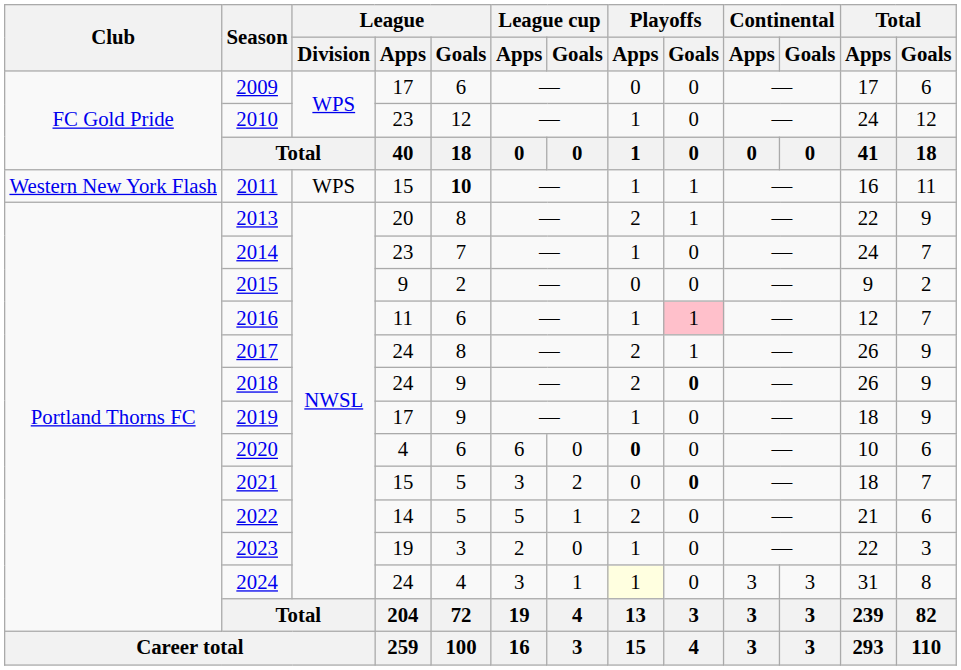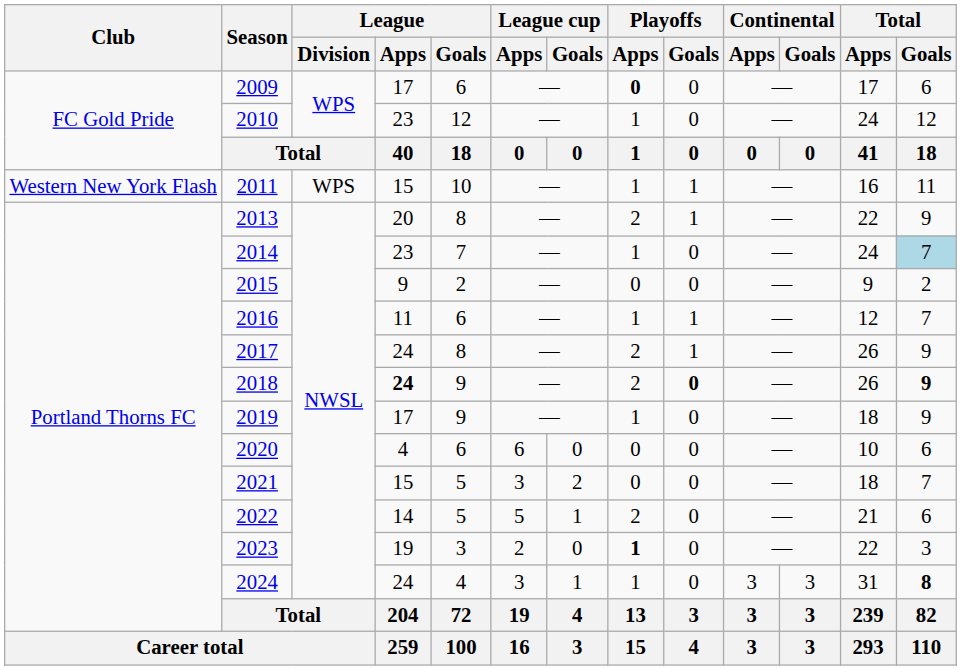 <table class="wikitable" style="text-align:center">
 <tr>
 <th rowspan="2">Club</th>
 <th rowspan="2">Season</th>
 <th colspan="3">League</th>
 <th colspan="2">League cup</th>
 <th colspan="2">Playoffs</th>
 <th colspan="2">Continental</th>
 <th colspan="2">Total</th>
 </tr>
 <tr>
 <th>Division</th>
 <th>Apps</th>
 <th>Goals</th>
 <th>Apps</th>
 <th>Goals</th>
 <th>Apps</th>
 <th>Goals</th>
 <th>Apps</th>
 <th>Goals</th>
 <th>Apps</th>
 <th>Goals</th>
 </tr>
 <tr>
 <td rowspan="3"><a href='#'>FC Gold Pride</a></td>
 <td><a href='#'>2009</a></td>
 <td rowspan="2"><a href='#'>WPS</a></td>
 <td>17</td>
 <td>6</td>
 <td colspan="2">—</td>
-<td>0</td>
+<td><strong>0</strong></td>
 <td>0</td>
 <td colspan="2">—</td>
 <td>17</td>
 <td>6</td>
 </tr>
 <tr>
 <td><a href='#'>2010</a></td>
 <td>23</td>
 <td>12</td>
 <td colspan="2">—</td>
 <td>1</td>
 <td>0</td>
 <td colspan="2">—</td>
 <td>24</td>
 <td>12</td>
 </tr>
 <tr>
 <th colspan="2">Total</th>
 <th>40</th>
 <th>18</th>
 <th>0</th>
 <th>0</th>
 <th>1</th>
 <th>0</th>
 <th>0</th>
 <th>0</th>
 <th>41</th>
 <th>18</th>
 </tr>
 <tr>
 <td><a href='#'>Western New York Flash</a></td>
 <td><a href='#'>2011</a></td>
 <td>WPS</td>
 <td>15</td>
-<td><strong>10</strong></td>
+<td>10</td>
 <td colspan="2">—</td>
 <td>1</td>
 <td>1</td>
 <td colspan="2">—</td>
 <td>16</td>
 <td>11</td>
 </tr>
 <tr>
 <td rowspan="13"><a href='#'>Portland Thorns FC</a></td>
 <td><a href='#'>2013</a></td>
 <td rowspan="12"><a href='#'>NWSL</a></td>
 <td>20</td>
 <td>8</td>
 <td colspan="2">—</td>
 <td>2</td>
 <td>1</td>
 <td colspan="2">—</td>
 <td>22</td>
 <td>9</td>
 </tr>
 <tr>
 <td><a href='#'>2014</a></td>
 <td>23</td>
 <td>7</td>
 <td colspan="2">—</td>
 <td>1</td>
 <td>0</td>
 <td colspan="2">—</td>
 <td>24</td>
-<td>7</td>
+<td style="background: lightblue;">7</td>
 </tr>
 <tr>
 <td><a href='#'>2015</a></td>
 <td>9</td>
 <td>2</td>
 <td colspan="2">—</td>
 <td>0</td>
 <td>0</td>
 <td colspan="2">—</td>
 <td>9</td>
 <td>2</td>
 </tr>
 <tr>
 <td><a href='#'>2016</a></td>
 <td>11</td>
 <td>6</td>
 <td colspan="2">—</td>
 <td>1</td>
-<td style="background: pink;">1</td>
+<td>1</td>
 <td colspan="2">—</td>
 <td>12</td>
 <td>7</td>
 </tr>
 <tr>
 <td><a href='#'>2017</a></td>
 <td>24</td>
 <td>8</td>
 <td colspan="2">—</td>
 <td>2</td>
 <td>1</td>
 <td colspan="2">—</td>
 <td>26</td>
 <td>9</td>
 </tr>
 <tr>
 <td><a href='#'>2018</a></td>
-<td>24</td>
+<td><strong>24</strong></td>
 <td>9</td>
 <td colspan="2">—</td>
 <td>2</td>
 <td><strong>0</strong></td>
 <td colspan="2">—</td>
 <td>26</td>
-<td>9</td>
+<td><strong>9</strong></td>
 </tr>
 <tr>
 <td><a href='#'>2019</a></td>
 <td>17</td>
 <td>9</td>
 <td colspan="2">—</td>
 <td>1</td>
 <td>0</td>
 <td colspan="2">—</td>
 <td>18</td>
 <td>9</td>
 </tr>
 <tr>
 <td><a href='#'>2020</a></td>
 <td>4</td>
 <td>6</td>
 <td>6</td>
 <td>0</td>
-<td><strong>0</strong></td>
+<td>0</td>
 <td>0</td>
 <td colspan="2">—</td>
 <td>10</td>
 <td>6</td>
 </tr>
 <tr>
 <td><a href='#'>2021</a></td>
 <td>15</td>
 <td>5</td>
 <td>3</td>
 <td>2</td>
 <td>0</td>
-<td><strong>0</strong></td>
+<td>0</td>
 <td colspan="2">—</td>
 <td>18</td>
 <td>7</td>
 </tr>
 <tr>
 <td><a href='#'>2022</a></td>
 <td>14</td>
 <td>5</td>
 <td>5</td>
 <td>1</td>
 <td>2</td>
 <td>0</td>
 <td colspan="2">—</td>
 <td>21</td>
 <td>6</td>
 </tr>
 <tr>
 <td><a href='#'>2023</a></td>
 <td>19</td>
 <td>3</td>
 <td>2</td>
 <td>0</td>
-<td>1</td>
+<td><strong>1</strong></td>
 <td>0</td>
 <td colspan="2">—</td>
 <td>22</td>
 <td>3</td>
 </tr>
 <tr>
 <td><a href='#'>2024</a></td>
 <td>24</td>
 <td>4</td>
 <td>3</td>
 <td>1</td>
-<td style="background: lightyellow;">1</td>
+<td>1</td>
 <td>0</td>
 <td>3</td>
 <td>3</td>
 <td>31</td>
-<td>8</td>
+<td><strong>8</strong></td>
 </tr>
 <tr>
 <th colspan="2">Total</th>
 <th>204</th>
 <th>72</th>
 <th>19</th>
 <th>4</th>
 <th>13</th>
 <th>3</th>
 <th>3</th>
 <th>3</th>
 <th>239</th>
 <th>82</th>
 </tr>
 <tr>
 <th colspan="3">Career total</th>
 <th>259</th>
 <th>100</th>
 <th>16</th>
 <th>3</th>
 <th>15</th>
 <th>4</th>
 <th>3</th>
 <th>3</th>
 <th>293</th>
 <th>110</th>
 </tr>
 </table>
